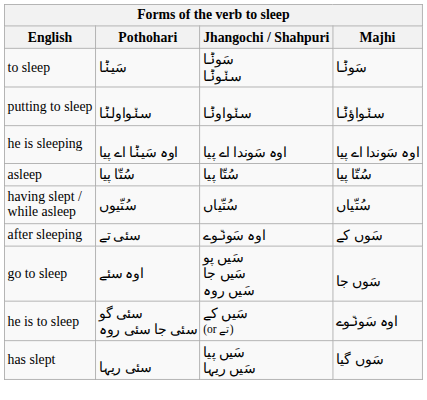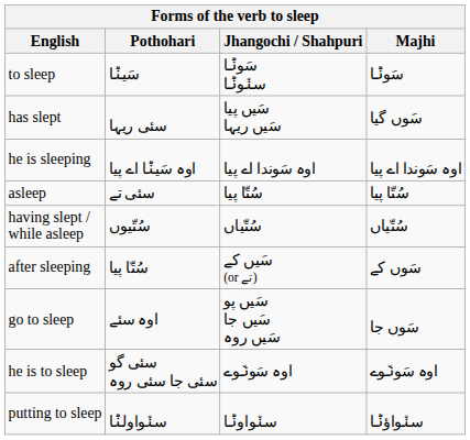 <table class="wikitable mw-collapsible mw-collapsed">
 <tr>
 <th colspan="4">Forms of the verb to sleep</th>
 </tr>
 <tr>
 <th>English</th>
 <th>Pothohari</th>
 <th>Jhangochi / Shahpuri</th>
 <th>Majhi</th>
 </tr>
 <tr>
 <td>to sleep</td>
 <td>سَیݨا</td>
 <td>سَوݨا<br>سن٘وݨا</td>
 <td>سَوݨا</td>
 </tr>
 <tr>
-<td>putting to sleep</td>
-<td><br>سن٘واولݨا</td>
-<td><br>سن٘واوݨا</td>
-<td><br>سن٘واؤݨا</td>
+<td>has slept</td>
+<td> <br>سئی ریہا</td>
+<td>سَیں پیا<br>سَیں ریہا</td>
+<td>سَوں گیا</td>
 </tr>
 <tr>
 <td>he is sleeping</td>
 <td><br>اوہ سَیݨا اے پیا</td>
 <td><br>اوہ سَوندا اے پیا</td>
 <td><br>اوہ سَوندا اے پیا</td>
 </tr>
 <tr>
 <td>asleep</td>
-<td>سُتّا پیا</td>
+<td>سئی تے</td>
 <td>سُتّا پیا</td>
 <td>سُتّا پیا</td>
 </tr>
 <tr>
 <td>having slept /<br>while asleep</td>
 <td>سُتّیوں</td>
 <td>سُتّیاں</td>
 <td>سُتّیاں</td>
 </tr>
 <tr>
 <td>after sleeping</td>
-<td>سئی تے</td>
-<td>اوہ سَون٘وے</td>
+<td>سُتّا پیا</td>
+<td>سَیں کے<br><small>(or تے)</small></td>
 <td>سَوں کے</td>
 </tr>
 <tr>
 <td>go to sleep</td>
 <td>اوہ سئے</td>
 <td>سَیں پو<br>سَیں جا<br>سَیں روہ</td>
 <td><br>سَوں جا</td>
 </tr>
 <tr>
 <td>he is to sleep</td>
 <td>سئی گو<br>سئی جا سئی روہ</td>
-<td>سَیں کے<br><small>(or تے)</small></td>
+<td>اوہ سَون٘وے</td>
 <td>اوہ سَون٘وے</td>
 </tr>
 <tr>
-<td>has slept</td>
-<td> <br>سئی ریہا</td>
-<td>سَیں پیا<br>سَیں ریہا</td>
-<td>سَوں گیا</td>
+<td>putting to sleep</td>
+<td><br>سن٘واولݨا</td>
+<td><br>سن٘واوݨا</td>
+<td><br>سن٘واؤݨا</td>
 </tr>
 </table>
